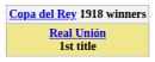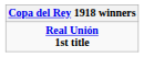 <table class="wikitable" style="text-align: center; margin: 0 auto;">
 <tr>
 <th><a href='#'>Copa del Rey</a> 1918 winners</th>
 </tr>
 <tr>
-<td style="background: khaki;"><strong><a href='#'>Real Unión</a></strong><br><strong>1st title</strong></td>
+<td><strong><a href='#'>Real Unión</a></strong><br><strong>1st title</strong></td>
 </tr>
 </table>
